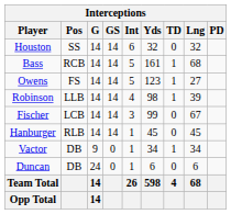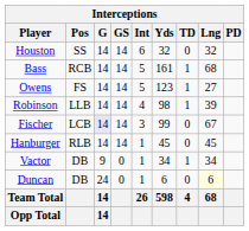 <table class="wikitable" style="text-align:center">
 <tr>
 <th colspan="9">Interceptions</th>
 </tr>
 <tr>
 <th>Player</th>
 <th>Pos</th>
 <th>G</th>
 <th>GS</th>
 <th>Int</th>
 <th>Yds</th>
 <th>TD</th>
 <th>Lng</th>
 <th>PD</th>
 </tr>
 <tr>
 <td><a href='#'>Houston</a></td>
 <td>SS</td>
 <td>14</td>
 <td>14</td>
 <td>6</td>
 <td>32</td>
 <td>0</td>
 <td>32</td>
 <td></td>
 </tr>
 <tr>
 <td><a href='#'>Bass</a></td>
 <td>RCB</td>
 <td>14</td>
 <td>14</td>
 <td>5</td>
 <td>161</td>
 <td>1</td>
 <td>68</td>
 <td></td>
 </tr>
 <tr>
 <td><a href='#'>Owens</a></td>
 <td>FS</td>
 <td>14</td>
 <td>14</td>
 <td>5</td>
 <td>123</td>
 <td>1</td>
 <td>27</td>
 <td></td>
 </tr>
 <tr>
 <td><a href='#'>Robinson</a></td>
 <td>LLB</td>
 <td>14</td>
 <td>14</td>
 <td>4</td>
 <td>98</td>
 <td>1</td>
 <td>39</td>
 <td></td>
 </tr>
 <tr>
 <td><a href='#'>Fischer</a></td>
 <td>LCB</td>
-<td>14</td>
+<td style="background: lavender;">14</td>
 <td>14</td>
 <td>3</td>
 <td>99</td>
 <td>0</td>
 <td>67</td>
 <td></td>
 </tr>
 <tr>
 <td><a href='#'>Hanburger</a></td>
 <td>RLB</td>
 <td>14</td>
 <td>14</td>
 <td>1</td>
 <td>45</td>
 <td>0</td>
 <td>45</td>
 <td></td>
 </tr>
 <tr>
 <td><a href='#'>Vactor</a></td>
 <td>DB</td>
 <td>9</td>
 <td>0</td>
 <td>1</td>
 <td>34</td>
 <td>1</td>
 <td>34</td>
 <td></td>
 </tr>
 <tr>
 <td><a href='#'>Duncan</a></td>
 <td>DB</td>
 <td>24</td>
 <td>0</td>
 <td>1</td>
 <td>6</td>
 <td>0</td>
-<td>6</td>
+<td style="background: lightyellow;">6</td>
 <td></td>
 </tr>
 <tr>
 <th>Team Total</th>
 <th></th>
 <th>14</th>
 <th></th>
 <th>26</th>
 <th>598</th>
 <th>4</th>
 <th>68</th>
 <th></th>
 </tr>
 <tr>
 <th>Opp Total</th>
 <th></th>
 <th>14</th>
 <th></th>
 <th></th>
 <th></th>
 <th></th>
 <th></th>
 <th></th>
 </tr>
 </table>
